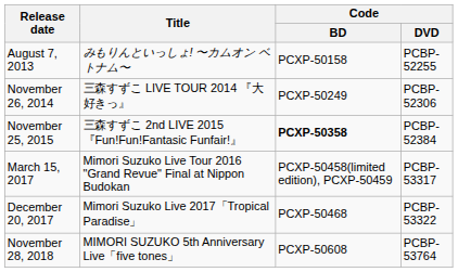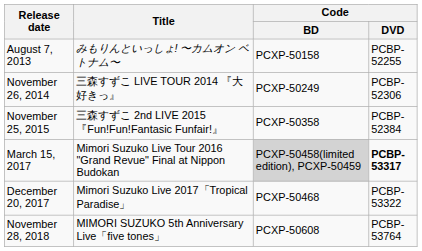 <table class="wikitable">
 <tr>
 <th rowspan="2">Release date</th>
 <th rowspan="2">Title</th>
 <th colspan="2">Code</th>
 </tr>
 <tr>
 <th>BD</th>
 <th>DVD</th>
 </tr>
 <tr>
 <td>August 7, 2013</td>
 <td><em>みもりんといっしょ! 〜カムオン ベトナム〜</em></td>
 <td>PCXP-50158</td>
 <td>PCBP-52255</td>
 </tr>
 <tr>
 <td>November 26, 2014</td>
 <td>三森すずこ LIVE TOUR 2014 『大好きっ』<em></td>
 <td>PCXP-50249</td>
 <td>PCBP-52306</td>
 </tr>
 <tr>
 <td>November 25, 2015</td>
 <td></em>三森すずこ 2nd LIVE 2015『Fun!Fun!Fantasic Funfair!』<em></td>
-<td><strong>PCXP-50358</strong></td>
+<td>PCXP-50358</td>
 <td>PCBP-52384</td>
 </tr>
 <tr>
 <td>March 15, 2017</td>
 <td></em>Mimori Suzuko Live Tour 2016 "Grand Revue" Final at Nippon Budokan<em></td>
-<td>PCXP-50458(limited edition), PCXP-50459</td>
-<td>PCBP-53317</td>
+<td style="background: lightgrey;">PCXP-50458(limited edition), PCXP-50459</td>
+<td><strong>PCBP-53317</strong></td>
 </tr>
 <tr>
 <td>December 20, 2017</td>
 <td></em>Mimori Suzuko Live 2017「Tropical Paradise」<em></td>
 <td>PCXP-50468</td>
 <td>PCBP-53322</td>
 </tr>
 <tr>
 <td>November 28, 2018</td>
 <td></em>MIMORI SUZUKO 5th Anniversary Live「five tones」<em></td>
 <td>PCXP-50608</td>
 <td>PCBP-53764</td>
 </tr>
 </table>
